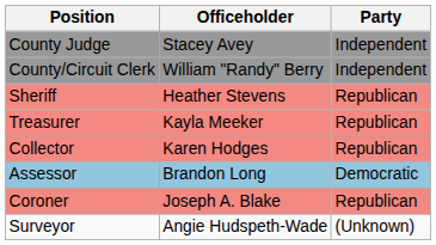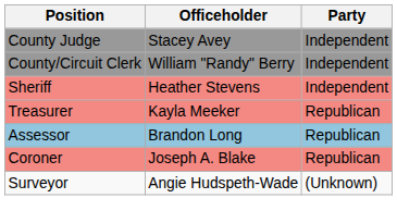 <table class="wikitable">
 <tr>
 <th>Position</th>
 <th>Officeholder</th>
 <th>Party</th>
 </tr>
 <tr style="background-color:#999999;">
 <td>County Judge</td>
 <td>Stacey Avey</td>
 <td>Independent</td>
 </tr>
 <tr style="background-color:#999999;">
 <td>County/Circuit Clerk</td>
 <td>William "Randy" Berry</td>
 <td>Independent</td>
 </tr>
 <tr style="background-color:#F48882;">
 <td>Sheriff</td>
 <td>Heather Stevens</td>
-<td>Republican</td>
+<td>Independent</td>
 </tr>
 <tr style="background-color:#F48882;">
 <td>Treasurer</td>
 <td>Kayla Meeker</td>
 <td>Republican</td>
 </tr>
-<tr style="background-color:#F48882;">
-<td>Collector</td>
-<td>Karen Hodges</td>
-<td>Republican</td>
-</tr>
 <tr style="background-color:#92C5DE;">
 <td>Assessor</td>
 <td>Brandon Long</td>
-<td>Democratic</td>
+<td>Republican</td>
 </tr>
 <tr style="background-color:#F48882;">
 <td>Coroner</td>
 <td>Joseph A. Blake</td>
 <td>Republican</td>
 </tr>
 <tr>
 <td>Surveyor</td>
 <td>Angie Hudspeth-Wade</td>
 <td>(Unknown)</td>
 </tr>
 </table>
